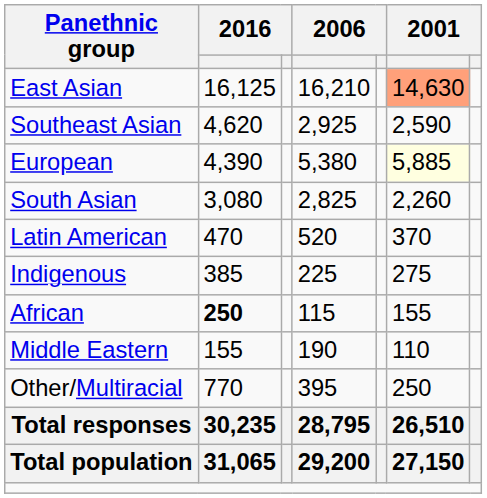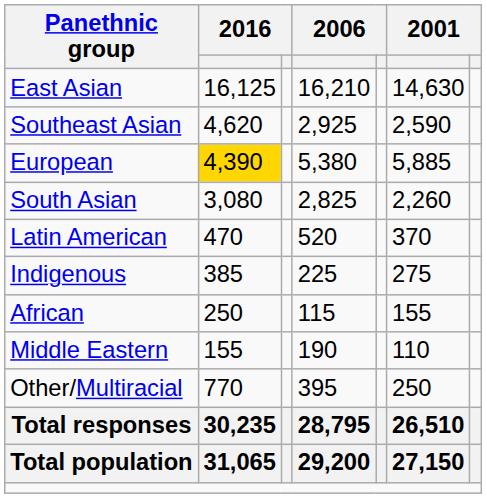 <table class="wikitable sortable">
 <tr>
 <th rowspan="2"><a href='#'>Panethnic</a><br>group</th>
 <th colspan="2">2016</th>
 <th colspan="2">2006</th>
 <th colspan="2">2001</th>
 </tr>
 <tr>
 <th><a href='#'></a></th>
 <th></th>
 <th></th>
 <th></th>
 <th></th>
 <th></th>
 </tr>
 <tr>
 <td><a href='#'>East Asian</a></td>
 <td>16,125</td>
 <td></td>
 <td>16,210</td>
 <td></td>
-<td style="background: lightsalmon;">14,630</td>
+<td>14,630</td>
 <td></td>
 </tr>
 <tr>
 <td><a href='#'>Southeast Asian</a></td>
 <td>4,620</td>
 <td></td>
 <td>2,925</td>
 <td></td>
 <td>2,590</td>
 <td></td>
 </tr>
 <tr>
 <td><a href='#'>European</a></td>
-<td>4,390</td>
+<td style="background: gold;">4,390</td>
 <td></td>
 <td>5,380</td>
 <td></td>
-<td style="background: lightyellow;">5,885</td>
+<td>5,885</td>
 <td></td>
 </tr>
 <tr>
 <td><a href='#'>South Asian</a></td>
 <td>3,080</td>
 <td></td>
 <td>2,825</td>
 <td></td>
 <td>2,260</td>
 <td></td>
 </tr>
 <tr>
 <td><a href='#'>Latin American</a></td>
 <td>470</td>
 <td></td>
 <td>520</td>
 <td></td>
 <td>370</td>
 <td></td>
 </tr>
 <tr>
 <td><a href='#'>Indigenous</a></td>
 <td>385</td>
 <td></td>
 <td>225</td>
 <td></td>
 <td>275</td>
 <td></td>
 </tr>
 <tr>
 <td><a href='#'>African</a></td>
-<td><strong>250</strong></td>
+<td>250</td>
 <td></td>
 <td>115</td>
 <td></td>
 <td>155</td>
 <td></td>
 </tr>
 <tr>
 <td><a href='#'>Middle Eastern</a></td>
 <td>155</td>
 <td></td>
 <td>190</td>
 <td></td>
 <td>110</td>
 <td></td>
 </tr>
 <tr>
 <td>Other/<a href='#'>Multiracial</a></td>
 <td>770</td>
 <td></td>
 <td>395</td>
 <td></td>
 <td>250</td>
 <td></td>
 </tr>
 <tr>
 <th>Total responses</th>
 <th>30,235</th>
 <th></th>
 <th>28,795</th>
 <th></th>
 <th>26,510</th>
 <th></th>
 </tr>
 <tr>
 <th>Total population</th>
 <th>31,065</th>
 <th></th>
 <th>29,200</th>
 <th></th>
 <th>27,150</th>
 <th></th>
 </tr>
 <tr class="sortbottom">
 <td colspan="10"></td>
 </tr>
 </table>
